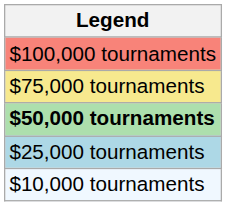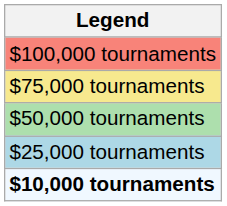 <table class="wikitable">
 <tr>
 <th>Legend</th>
 </tr>
 <tr style="background:#f88379;">
 <td>$100,000 tournaments</td>
 </tr>
 <tr style="background:#f7e98e;">
 <td>$75,000 tournaments</td>
 </tr>
 <tr style="background:#addfad;">
-<td><strong>$50,000 tournaments</strong></td>
+<td>$50,000 tournaments</td>
 </tr>
 <tr style="background:lightblue;">
 <td>$25,000 tournaments</td>
 </tr>
 <tr style="background:#f0f8ff;">
-<td>$10,000 tournaments</td>
+<td><strong>$10,000 tournaments</strong></td>
 </tr>
 </table>
